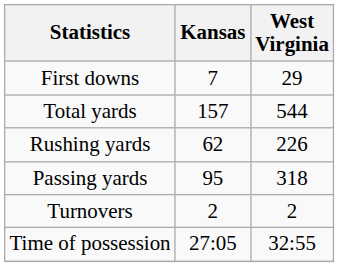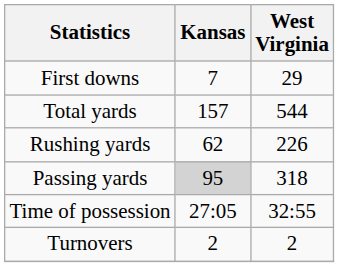 <table class="wikitable">
 <tr>
 <th>Statistics</th>
 <th>Kansas</th>
 <th>West<br>Virginia</th>
 </tr>
 <tr align="center">
 <td>First downs</td>
 <td>7</td>
 <td>29</td>
 </tr>
 <tr align="center">
 <td>Total yards</td>
 <td>157</td>
 <td>544</td>
 </tr>
 <tr align="center">
 <td>Rushing yards</td>
 <td>62</td>
 <td>226</td>
 </tr>
 <tr align="center">
 <td>Passing yards</td>
-<td>95</td>
+<td style="background: lightgrey;">95</td>
 <td>318</td>
+</tr>
+<tr align="center">
+<td>Time of possession</td>
+<td>27:05</td>
+<td>32:55</td>
 </tr>
 <tr align="center">
 <td>Turnovers</td>
 <td>2</td>
 <td>2</td>
 </tr>
-<tr align="center">
-<td>Time of possession</td>
-<td>27:05</td>
-<td>32:55</td>
-</tr>
 <tr>
 </tr>
 </table>
